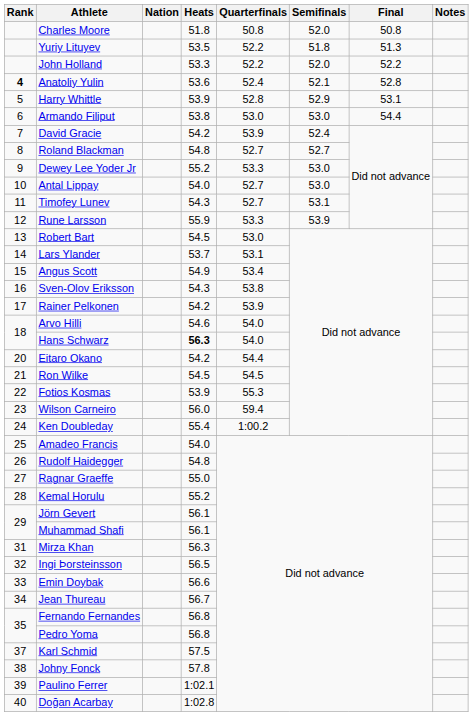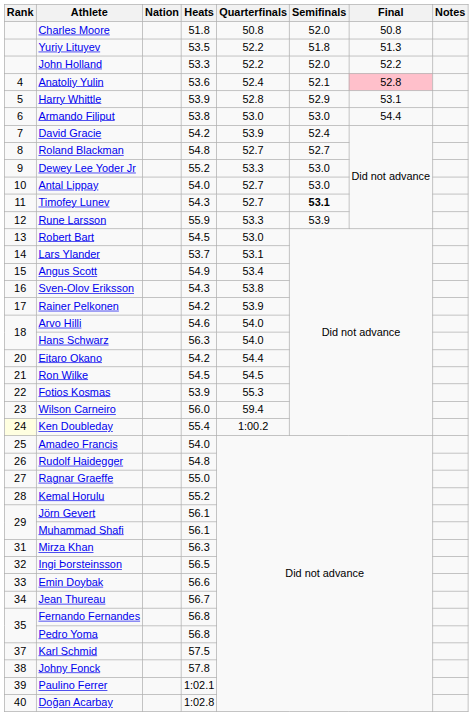 <table class="wikitable sortable" style="text-align:center">
 <tr>
 <th>Rank</th>
 <th>Athlete</th>
 <th>Nation</th>
 <th>Heats</th>
 <th>Quarterfinals</th>
 <th>Semifinals</th>
 <th>Final</th>
 <th>Notes</th>
 </tr>
 <tr>
 <td></td>
 <td align=left><a href='#'>Charles Moore</a></td>
 <td align=left></td>
 <td>51.8</td>
 <td>50.8</td>
 <td>52.0</td>
 <td>50.8</td>
 <td></td>
 </tr>
 <tr>
 <td></td>
 <td align=left><a href='#'>Yuriy Lituyev</a></td>
 <td align=left></td>
 <td>53.5</td>
 <td>52.2</td>
 <td>51.8</td>
 <td>51.3</td>
 <td></td>
 </tr>
 <tr>
 <td></td>
 <td align=left><a href='#'>John Holland</a></td>
 <td align=left></td>
 <td>53.3</td>
 <td>52.2</td>
 <td>52.0</td>
 <td>52.2</td>
 <td></td>
 </tr>
 <tr>
-<td><strong>4</strong></td>
+<td>4</td>
 <td align=left><a href='#'>Anatoliy Yulin</a></td>
 <td align=left></td>
 <td>53.6</td>
 <td>52.4</td>
 <td>52.1</td>
-<td>52.8</td>
+<td style="background: pink;">52.8</td>
 <td></td>
 </tr>
 <tr>
 <td>5</td>
 <td align=left><a href='#'>Harry Whittle</a></td>
 <td align=left></td>
 <td>53.9</td>
 <td>52.8</td>
 <td>52.9</td>
 <td>53.1</td>
 <td></td>
 </tr>
 <tr>
 <td>6</td>
 <td align=left><a href='#'>Armando Filiput</a></td>
 <td align=left></td>
 <td>53.8</td>
 <td>53.0</td>
 <td>53.0</td>
 <td>54.4</td>
 <td></td>
 </tr>
 <tr>
 <td>7</td>
 <td align="left"><a href='#'>David Gracie</a></td>
 <td align="left"></td>
 <td>54.2</td>
 <td>53.9</td>
 <td>52.4</td>
 <td rowspan=6 data-sort-value=99.9>Did not advance</td>
 <td></td>
 </tr>
 <tr>
 <td>8</td>
 <td align="left"><a href='#'>Roland Blackman</a></td>
 <td align="left"></td>
 <td>54.8</td>
 <td>52.7</td>
 <td>52.7</td>
 <td></td>
 </tr>
 <tr>
 <td>9</td>
 <td align="left"><a href='#'>Dewey Lee Yoder Jr</a></td>
 <td align="left"></td>
 <td>55.2</td>
 <td>53.3</td>
 <td>53.0</td>
 <td></td>
 </tr>
 <tr>
 <td>10</td>
 <td align="left"><a href='#'>Antal Lippay</a></td>
 <td align="left"></td>
 <td>54.0</td>
 <td>52.7</td>
 <td>53.0</td>
 <td></td>
 </tr>
 <tr>
 <td>11</td>
 <td align="left"><a href='#'>Timofey Lunev</a></td>
 <td align="left"></td>
 <td>54.3</td>
 <td>52.7</td>
-<td>53.1</td>
+<td><strong>53.1</strong></td>
 <td></td>
 </tr>
 <tr>
 <td>12</td>
 <td align="left"><a href='#'>Rune Larsson</a></td>
 <td align="left"></td>
 <td>55.9</td>
 <td>53.3</td>
 <td>53.9</td>
 <td></td>
 </tr>
 <tr>
 <td>13</td>
 <td align="left"><a href='#'>Robert Bart</a></td>
 <td align="left"></td>
 <td>54.5</td>
 <td>53.0</td>
 <td rowspan=12 colspan=2 data-sort-value=99.9>Did not advance</td>
 <td></td>
 </tr>
 <tr>
 <td>14</td>
 <td align="left"><a href='#'>Lars Ylander</a></td>
 <td align="left"></td>
 <td>53.7</td>
 <td>53.1</td>
 <td></td>
 </tr>
 <tr>
 <td>15</td>
 <td align="left"><a href='#'>Angus Scott</a></td>
 <td align="left"></td>
 <td>54.9</td>
 <td>53.4</td>
 <td></td>
 </tr>
 <tr>
 <td>16</td>
 <td align="left"><a href='#'>Sven-Olov Eriksson</a></td>
 <td align="left"></td>
 <td>54.3</td>
 <td>53.8</td>
 <td></td>
 </tr>
 <tr>
 <td>17</td>
 <td align="left"><a href='#'>Rainer Pelkonen</a></td>
 <td align="left"></td>
 <td>54.2</td>
 <td>53.9</td>
 <td></td>
 </tr>
 <tr>
 <td rowspan=2>18</td>
 <td align="left"><a href='#'>Arvo Hilli</a></td>
 <td align="left"></td>
 <td>54.6</td>
 <td>54.0</td>
 <td></td>
 </tr>
 <tr>
 <td align="left"><a href='#'>Hans Schwarz</a></td>
 <td align="left"></td>
-<td><strong>56.3</strong></td>
+<td>56.3</td>
 <td>54.0</td>
 <td></td>
 </tr>
 <tr>
 <td>20</td>
 <td align="left"><a href='#'>Eitaro Okano</a></td>
 <td align="left"></td>
 <td>54.2</td>
 <td>54.4</td>
 <td></td>
 </tr>
 <tr>
 <td>21</td>
 <td align="left"><a href='#'>Ron Wilke</a></td>
 <td align="left"></td>
 <td>54.5</td>
 <td>54.5</td>
 <td></td>
 </tr>
 <tr>
 <td>22</td>
 <td align="left"><a href='#'>Fotios Kosmas</a></td>
 <td align="left"></td>
 <td>53.9</td>
 <td>55.3</td>
 <td></td>
 </tr>
 <tr>
 <td>23</td>
 <td align="left"><a href='#'>Wilson Carneiro</a></td>
 <td align="left"></td>
 <td>56.0</td>
 <td>59.4</td>
 <td></td>
 </tr>
 <tr>
-<td>24</td>
+<td style="background: lightyellow;">24</td>
 <td align="left"><a href='#'>Ken Doubleday</a></td>
 <td align="left"></td>
 <td>55.4</td>
 <td data-sort-value=60.2>1:00.2</td>
 <td></td>
 </tr>
 <tr>
 <td>25</td>
 <td align="left"><a href='#'>Amadeo Francis</a></td>
 <td align="left"></td>
 <td>54.0</td>
 <td rowspan=16 colspan=3 data-sort-value=99.9>Did not advance</td>
 <td></td>
 </tr>
 <tr>
 <td>26</td>
 <td align="left"><a href='#'>Rudolf Haidegger</a></td>
 <td align="left"></td>
 <td>54.8</td>
 <td></td>
 </tr>
 <tr>
 <td>27</td>
 <td align="left"><a href='#'>Ragnar Graeffe</a></td>
 <td align="left"></td>
 <td>55.0</td>
 <td></td>
 </tr>
 <tr>
 <td>28</td>
 <td align="left"><a href='#'>Kemal Horulu</a></td>
 <td align="left"></td>
 <td>55.2</td>
 <td></td>
 </tr>
 <tr>
 <td rowspan=2>29</td>
 <td align="left"><a href='#'>Jörn Gevert</a></td>
 <td align="left"></td>
 <td>56.1</td>
 <td></td>
 </tr>
 <tr>
 <td align="left"><a href='#'>Muhammad Shafi</a></td>
 <td align="left"></td>
 <td>56.1</td>
 <td></td>
 </tr>
 <tr>
 <td>31</td>
 <td align="left"><a href='#'>Mirza Khan</a></td>
 <td align="left"></td>
 <td>56.3</td>
 <td></td>
 </tr>
 <tr>
 <td>32</td>
 <td align="left"><a href='#'>Ingi Þorsteinsson</a></td>
 <td align="left"></td>
 <td>56.5</td>
 <td></td>
 </tr>
 <tr>
 <td>33</td>
 <td align="left"><a href='#'>Emin Doybak</a></td>
 <td align="left"></td>
 <td>56.6</td>
 <td></td>
 </tr>
 <tr>
 <td>34</td>
 <td align="left"><a href='#'>Jean Thureau</a></td>
 <td align="left"></td>
 <td>56.7</td>
 <td></td>
 </tr>
 <tr>
 <td rowspan=2>35</td>
 <td align="left"><a href='#'>Fernando Fernandes</a></td>
 <td align="left"></td>
 <td>56.8</td>
 <td></td>
 </tr>
 <tr>
 <td align="left"><a href='#'>Pedro Yoma</a></td>
 <td align="left"></td>
 <td>56.8</td>
 <td></td>
 </tr>
 <tr>
 <td>37</td>
 <td align="left"><a href='#'>Karl Schmid</a></td>
 <td align="left"></td>
 <td>57.5</td>
 <td></td>
 </tr>
 <tr>
 <td>38</td>
 <td align="left"><a href='#'>Johny Fonck</a></td>
 <td align="left"></td>
 <td>57.8</td>
 <td></td>
 </tr>
 <tr>
 <td>39</td>
 <td align="left"><a href='#'>Paulino Ferrer</a></td>
 <td align="left"></td>
 <td data-sort-value=62.1>1:02.1</td>
 <td></td>
 </tr>
 <tr>
 <td>40</td>
 <td align="left"><a href='#'>Doğan Acarbay</a></td>
 <td align="left"></td>
 <td data-sort-value=62.8>1:02.8</td>
 <td></td>
 </tr>
 </table>
